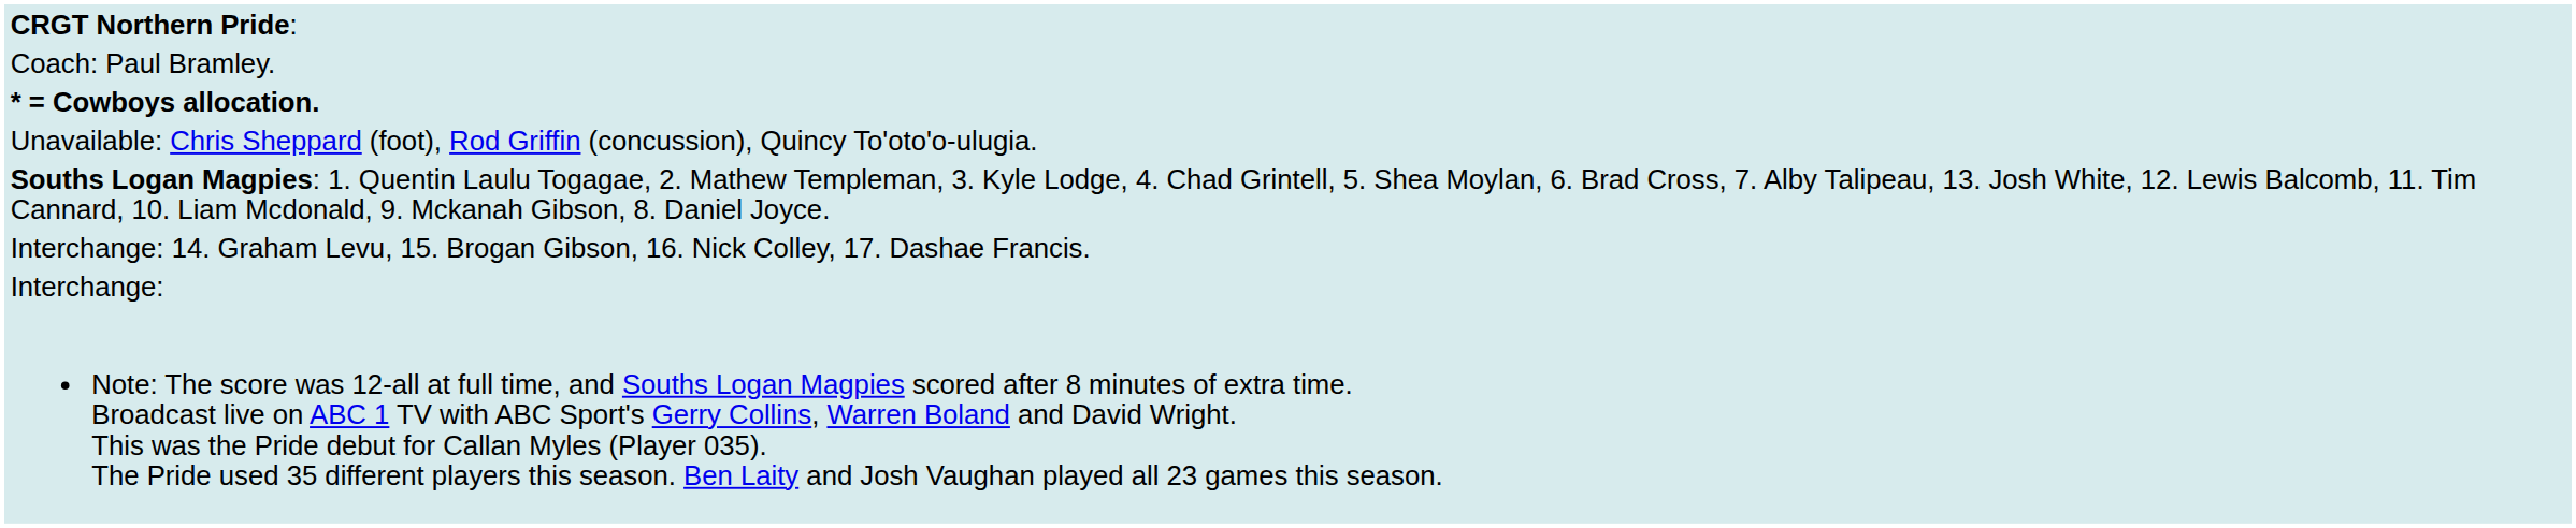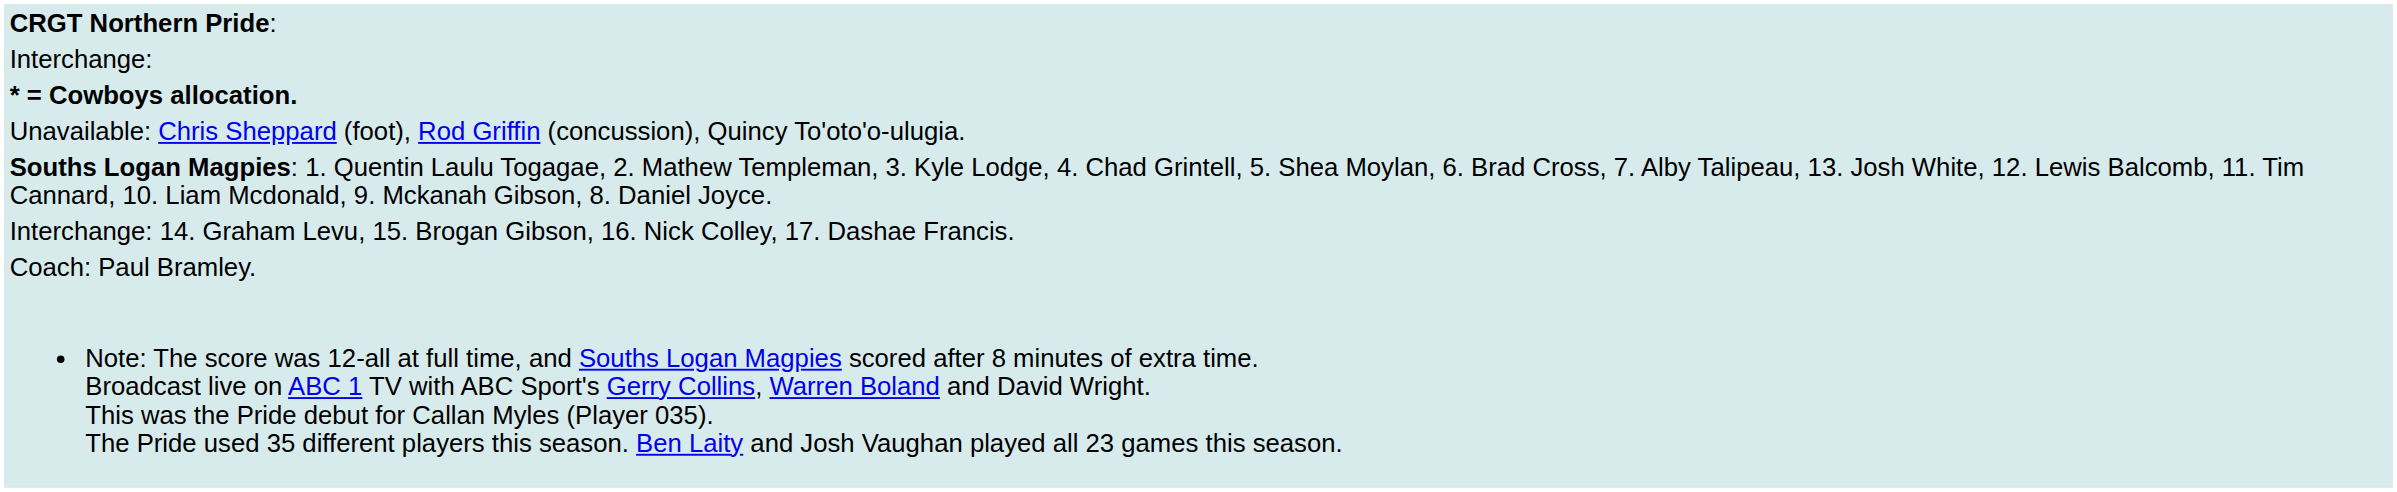 <table style="background:#d7ebed; font-size:85%;  width:100%;">
 <tr>
 <td><strong>CRGT Northern Pride</strong>:             </td>
 </tr>
 <tr>
-<td>Coach: Paul Bramley.</td>
+<td>Interchange:    </td>
 </tr>
 <tr>
 <td><strong>* = Cowboys allocation.</strong></td>
 </tr>
 <tr>
 <td>Unavailable: <a href='#'>Chris Sheppard</a> (foot), <a href='#'>Rod Griffin</a> (concussion), Quincy To'oto'o-ulugia.</td>
 </tr>
 <tr>
 <td><strong>Souths Logan Magpies</strong>: 1. Quentin Laulu Togagae, 2. Mathew Templeman, 3. Kyle Lodge, 4. Chad Grintell, 5. Shea Moylan, 6. Brad Cross, 7. Alby Talipeau, 13. Josh White, 12. Lewis Balcomb, 11. Tim Cannard, 10. Liam Mcdonald, 9. Mckanah Gibson, 8. Daniel Joyce.</td>
 </tr>
 <tr>
 <td>Interchange: 14. Graham Levu, 15. Brogan Gibson, 16. Nick Colley, 17. Dashae Francis.</td>
 </tr>
 <tr>
-<td>Interchange:    </td>
+<td>Coach: Paul Bramley.</td>
 </tr>
 <tr>
 <td><br><ul><li>Note: The score was 12-all at full time, and <a href='#'>Souths Logan Magpies</a> scored after 8 minutes of extra time.<br>Broadcast live on <a href='#'>ABC 1</a> TV with ABC Sport's <a href='#'>Gerry Collins</a>, <a href='#'>Warren Boland</a> and David Wright.<br>This was the Pride debut for Callan Myles (Player 035).<br>The Pride used 35 different players this season. <a href='#'>Ben Laity</a> and Josh Vaughan played all 23 games this season.</li></ul></td>
 </tr>
 </table>
